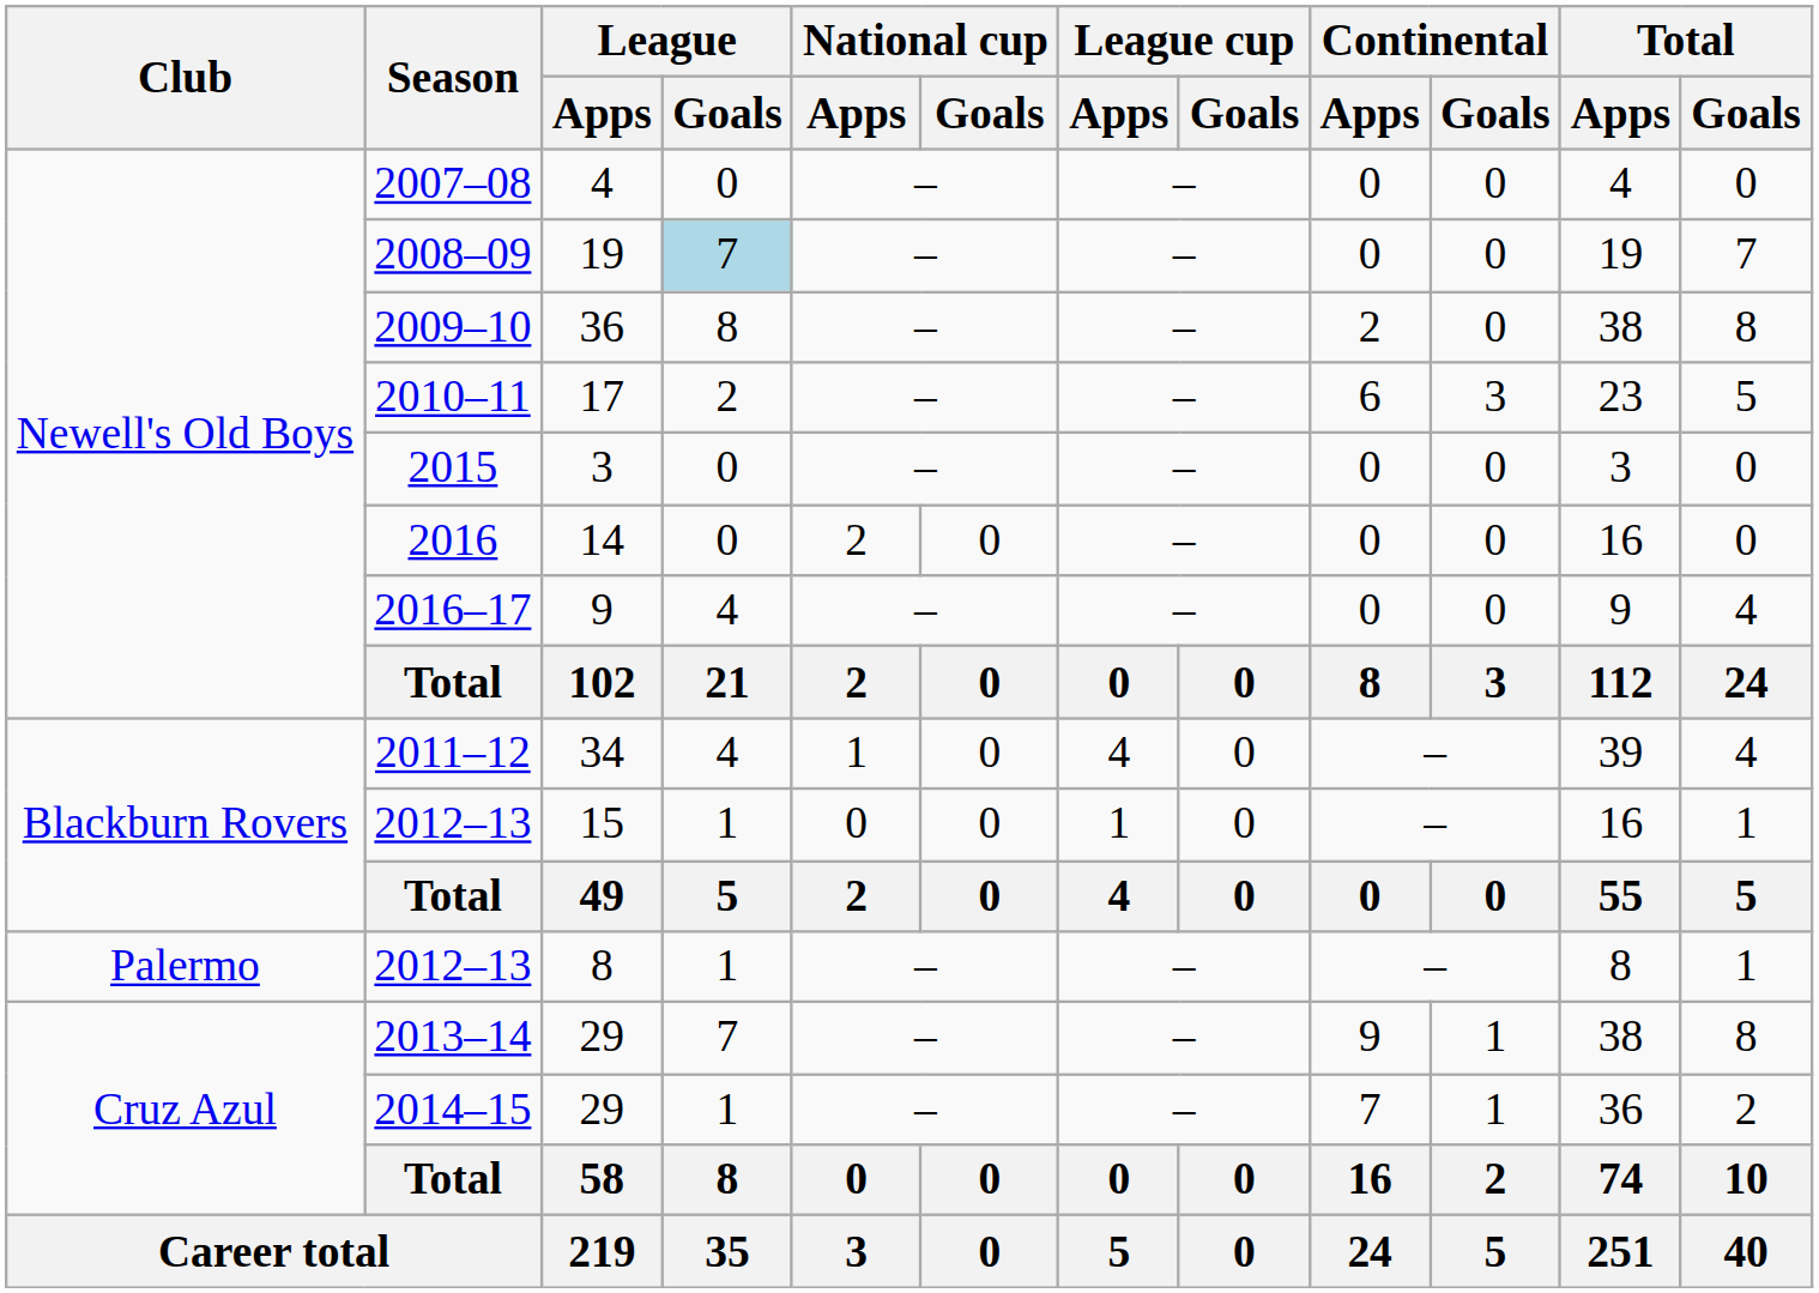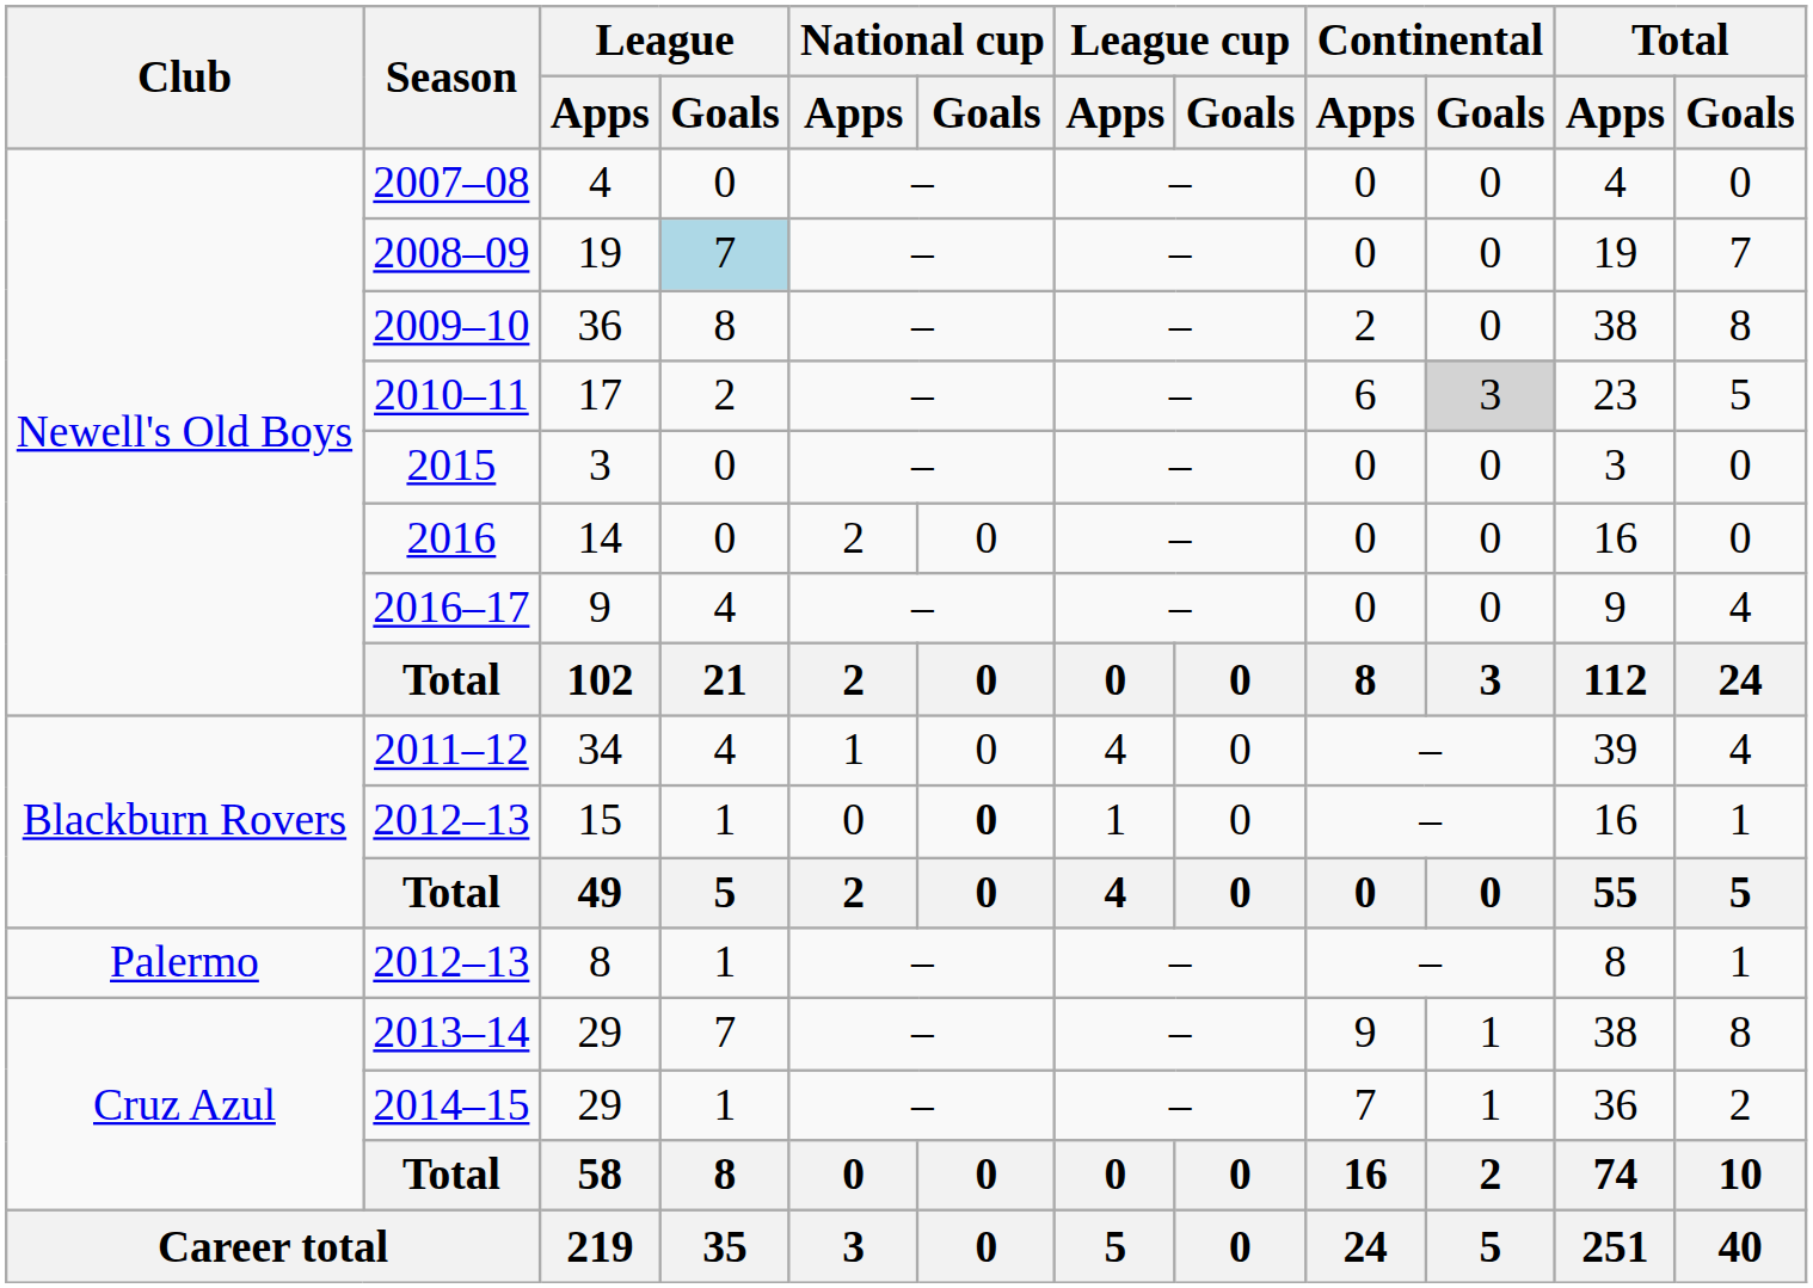 <table class="wikitable" style="text-align:center">
 <tr>
 <th rowspan="2">Club</th>
 <th rowspan="2">Season</th>
 <th colspan="2">League</th>
 <th colspan="2">National cup</th>
 <th colspan="2">League cup</th>
 <th colspan="2">Continental</th>
 <th colspan="2">Total</th>
 </tr>
 <tr>
 <th>Apps</th>
 <th>Goals</th>
 <th>Apps</th>
 <th>Goals</th>
 <th>Apps</th>
 <th>Goals</th>
 <th>Apps</th>
 <th>Goals</th>
 <th>Apps</th>
 <th>Goals</th>
 </tr>
 <tr>
 <td rowspan="8"><a href='#'>Newell's Old Boys</a></td>
 <td><a href='#'>2007–08</a></td>
 <td>4</td>
 <td>0</td>
 <td colspan="2">–</td>
 <td colspan="2">–</td>
 <td>0</td>
 <td>0</td>
 <td>4</td>
 <td>0</td>
 </tr>
 <tr>
 <td><a href='#'>2008–09</a></td>
 <td>19</td>
 <td style="background: lightblue;">7</td>
 <td colspan="2">–</td>
 <td colspan="2">–</td>
 <td>0</td>
 <td>0</td>
 <td>19</td>
 <td>7</td>
 </tr>
 <tr>
 <td><a href='#'>2009–10</a></td>
 <td>36</td>
 <td>8</td>
 <td colspan="2">–</td>
 <td colspan="2">–</td>
 <td>2</td>
 <td>0</td>
 <td>38</td>
 <td>8</td>
 </tr>
 <tr>
 <td><a href='#'>2010–11</a></td>
 <td>17</td>
 <td>2</td>
 <td colspan="2">–</td>
 <td colspan="2">–</td>
 <td>6</td>
-<td>3</td>
+<td style="background: lightgrey;">3</td>
 <td>23</td>
 <td>5</td>
 </tr>
 <tr>
 <td><a href='#'>2015</a></td>
 <td>3</td>
 <td>0</td>
 <td colspan="2">–</td>
 <td colspan="2">–</td>
 <td>0</td>
 <td>0</td>
 <td>3</td>
 <td>0</td>
 </tr>
 <tr>
 <td><a href='#'>2016</a></td>
 <td>14</td>
 <td>0</td>
 <td>2</td>
 <td>0</td>
 <td colspan="2">–</td>
 <td>0</td>
 <td>0</td>
 <td>16</td>
 <td>0</td>
 </tr>
 <tr>
 <td><a href='#'>2016–17</a></td>
 <td>9</td>
 <td>4</td>
 <td colspan="2">–</td>
 <td colspan="2">–</td>
 <td>0</td>
 <td>0</td>
 <td>9</td>
 <td>4</td>
 </tr>
 <tr>
 <th>Total</th>
 <th>102</th>
 <th>21</th>
 <th>2</th>
 <th>0</th>
 <th>0</th>
 <th>0</th>
 <th>8</th>
 <th>3</th>
 <th>112</th>
 <th>24</th>
 </tr>
 <tr>
 <td rowspan="3"><a href='#'>Blackburn Rovers</a></td>
 <td><a href='#'>2011–12</a></td>
 <td>34</td>
 <td>4</td>
 <td>1</td>
 <td>0</td>
 <td>4</td>
 <td>0</td>
 <td colspan="2">–</td>
 <td>39</td>
 <td>4</td>
 </tr>
 <tr>
 <td><a href='#'>2012–13</a></td>
 <td>15</td>
 <td>1</td>
 <td>0</td>
-<td>0</td>
+<td><strong>0</strong></td>
 <td>1</td>
 <td>0</td>
 <td colspan="2">–</td>
 <td>16</td>
 <td>1</td>
 </tr>
 <tr>
 <th>Total</th>
 <th>49</th>
 <th>5</th>
 <th>2</th>
 <th>0</th>
 <th>4</th>
 <th>0</th>
 <th>0</th>
 <th>0</th>
 <th>55</th>
 <th>5</th>
 </tr>
 <tr>
 <td><a href='#'>Palermo</a></td>
 <td><a href='#'>2012–13</a></td>
 <td>8</td>
 <td>1</td>
 <td colspan="2">–</td>
 <td colspan="2">–</td>
 <td colspan="2">–</td>
 <td>8</td>
 <td>1</td>
 </tr>
 <tr>
 <td rowspan="3"><a href='#'>Cruz Azul</a></td>
 <td><a href='#'>2013–14</a></td>
 <td>29</td>
 <td>7</td>
 <td colspan="2">–</td>
 <td colspan="2">–</td>
 <td>9</td>
 <td>1</td>
 <td>38</td>
 <td>8</td>
 </tr>
 <tr>
 <td><a href='#'>2014–15</a></td>
 <td>29</td>
 <td>1</td>
 <td colspan="2">–</td>
 <td colspan="2">–</td>
 <td>7</td>
 <td>1</td>
 <td>36</td>
 <td>2</td>
 </tr>
 <tr>
 <th>Total</th>
 <th>58</th>
 <th>8</th>
 <th>0</th>
 <th>0</th>
 <th>0</th>
 <th>0</th>
 <th>16</th>
 <th>2</th>
 <th>74</th>
 <th>10</th>
 </tr>
 <tr>
 <th colspan="2">Career total</th>
 <th>219</th>
 <th>35</th>
 <th>3</th>
 <th>0</th>
 <th>5</th>
 <th>0</th>
 <th>24</th>
 <th>5</th>
 <th>251</th>
 <th>40</th>
 </tr>
 </table>
